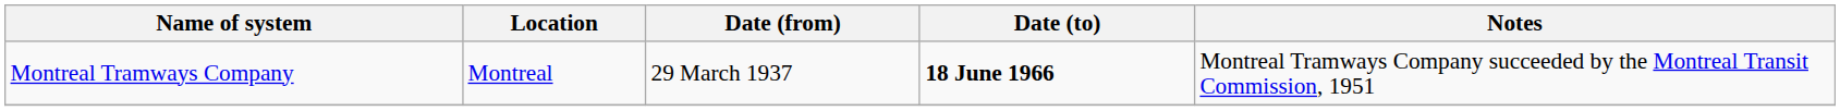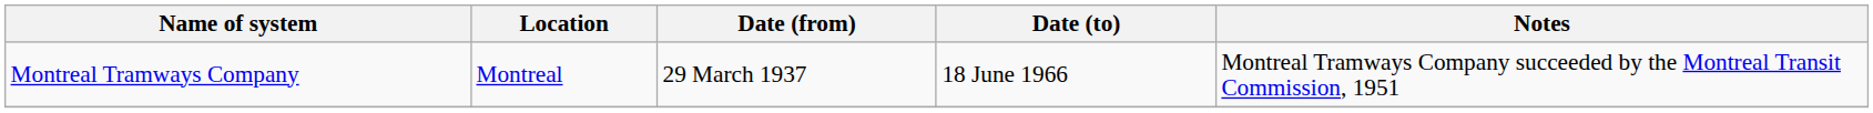 <table class="wikitable" width=100%>
 <tr>
 <th width=25%>Name of system</th>
 <th width=10%>Location</th>
 <th width=15%>Date (from)</th>
 <th width=15%>Date (to)</th>
 <th width=35%>Notes</th>
 </tr>
 <tr>
 <td><a href='#'>Montreal Tramways Company</a></td>
 <td><a href='#'>Montreal</a></td>
 <td>29 March 1937 </td>
-<td><strong>18 June 1966 </strong></td>
+<td>18 June 1966 </td>
 <td>Montreal Tramways Company succeeded by the <a href='#'>Montreal Transit Commission</a>, 1951</td>
 </tr>
 <tr>
 </tr>
 </table>
